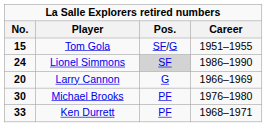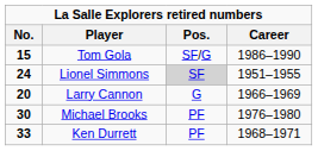 <table class="wikitable sortable" style="text-align:center">
 <tr>
 <td colspan="5"><strong>La Salle Explorers retired numbers</strong></td>
 </tr>
 <tr>
 <th width=40px>No.</th>
 <th width=150px>Player</th>
 <th width=70px>Pos.</th>
 <th width=100px>Career</th>
 </tr>
 <tr>
 <td><strong>15</strong></td>
 <td><a href='#'>Tom Gola</a></td>
 <td><a href='#'>SF</a>/<a href='#'>G</a></td>
-<td>1951–1955</td>
+<td>1986–1990</td>
 </tr>
 <tr>
 <td><strong>24</strong></td>
 <td><a href='#'>Lionel Simmons</a></td>
 <td style="background: lightgrey;"><a href='#'>SF</a></td>
-<td>1986–1990</td>
+<td>1951–1955</td>
 </tr>
 <tr>
 <td><strong>20</strong></td>
 <td><a href='#'>Larry Cannon</a></td>
 <td><a href='#'>G</a></td>
 <td>1966–1969</td>
 </tr>
 <tr>
 <td><strong>30</strong></td>
 <td><a href='#'>Michael Brooks</a></td>
 <td><a href='#'>PF</a></td>
 <td>1976–1980</td>
 </tr>
 <tr>
 <td><strong>33</strong></td>
 <td><a href='#'>Ken Durrett</a></td>
 <td><a href='#'>PF</a></td>
 <td>1968–1971</td>
 </tr>
 </table>
